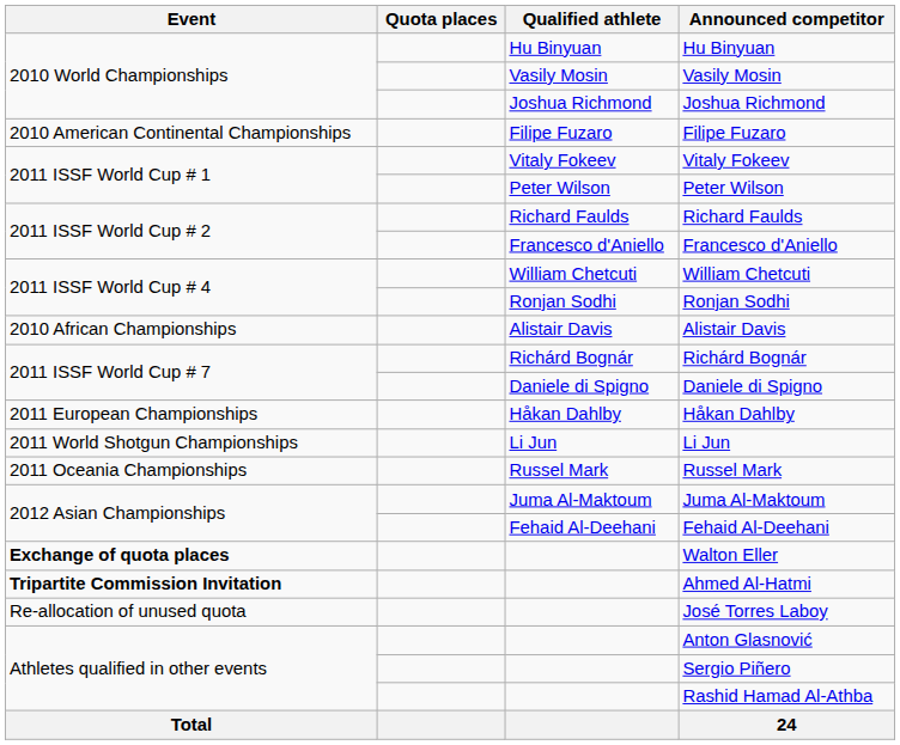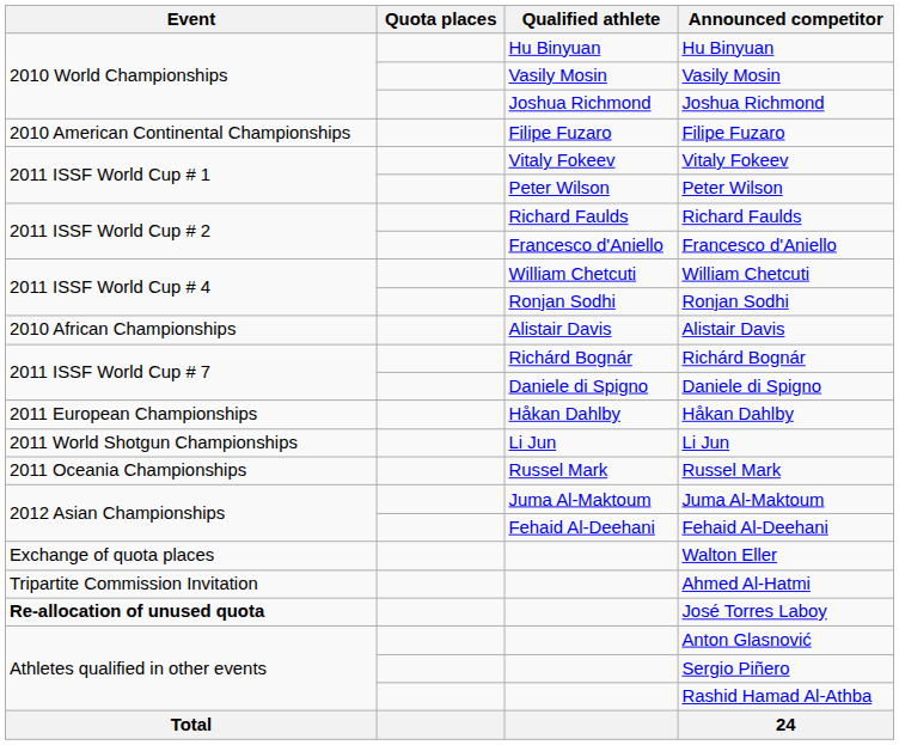 <table class=wikitable style="text-align:left" width=800>
 <tr>
 <th>Event</th>
 <th>Quota places</th>
 <th>Qualified athlete</th>
 <th>Announced competitor</th>
 </tr>
 <tr>
 <td rowspan="3">2010 World Championships</td>
 <td></td>
 <td><a href='#'>Hu Binyuan</a></td>
 <td><a href='#'>Hu Binyuan</a></td>
 </tr>
 <tr>
 <td></td>
 <td><a href='#'>Vasily Mosin</a></td>
 <td><a href='#'>Vasily Mosin</a></td>
 </tr>
 <tr>
 <td></td>
 <td><a href='#'>Joshua Richmond</a></td>
 <td><a href='#'>Joshua Richmond</a></td>
 </tr>
 <tr>
 <td rowspan="1">2010 American Continental Championships</td>
 <td></td>
 <td><a href='#'>Filipe Fuzaro</a></td>
 <td><a href='#'>Filipe Fuzaro</a></td>
 </tr>
 <tr>
 <td rowspan="2">2011 ISSF World Cup # 1</td>
 <td></td>
 <td><a href='#'>Vitaly Fokeev</a></td>
 <td><a href='#'>Vitaly Fokeev</a></td>
 </tr>
 <tr>
 <td></td>
 <td><a href='#'>Peter Wilson</a></td>
 <td><a href='#'>Peter Wilson</a></td>
 </tr>
 <tr>
 <td rowspan="2">2011 ISSF World Cup # 2</td>
 <td></td>
 <td><a href='#'>Richard Faulds</a></td>
 <td><a href='#'>Richard Faulds</a></td>
 </tr>
 <tr>
 <td></td>
 <td><a href='#'>Francesco d'Aniello</a></td>
 <td><a href='#'>Francesco d'Aniello</a></td>
 </tr>
 <tr>
 <td rowspan="2">2011 ISSF World Cup # 4</td>
 <td></td>
 <td><a href='#'>William Chetcuti</a></td>
 <td><a href='#'>William Chetcuti</a></td>
 </tr>
 <tr>
 <td></td>
 <td><a href='#'>Ronjan Sodhi</a></td>
 <td><a href='#'>Ronjan Sodhi</a></td>
 </tr>
 <tr>
 <td rowspan="1">2010 African Championships</td>
 <td></td>
 <td><a href='#'>Alistair Davis</a></td>
 <td><a href='#'>Alistair Davis</a></td>
 </tr>
 <tr>
 <td rowspan="2">2011 ISSF World Cup # 7</td>
 <td></td>
 <td><a href='#'>Richárd Bognár</a></td>
 <td><a href='#'>Richárd Bognár</a></td>
 </tr>
 <tr>
 <td></td>
 <td><a href='#'>Daniele di Spigno</a></td>
 <td><a href='#'>Daniele di Spigno</a></td>
 </tr>
 <tr>
 <td rowspan="1">2011 European Championships</td>
 <td></td>
 <td><a href='#'>Håkan Dahlby</a></td>
 <td><a href='#'>Håkan Dahlby</a></td>
 </tr>
 <tr>
 <td rowspan="1">2011 World Shotgun Championships</td>
 <td></td>
 <td><a href='#'>Li Jun</a></td>
 <td><a href='#'>Li Jun</a></td>
 </tr>
 <tr>
 <td rowspan="1">2011 Oceania Championships</td>
 <td></td>
 <td><a href='#'>Russel Mark</a></td>
 <td><a href='#'>Russel Mark</a></td>
 </tr>
 <tr>
 <td rowspan="2">2012 Asian Championships</td>
 <td></td>
 <td><a href='#'>Juma Al-Maktoum</a></td>
 <td><a href='#'>Juma Al-Maktoum</a></td>
 </tr>
 <tr>
 <td></td>
 <td><a href='#'>Fehaid Al-Deehani</a></td>
 <td><a href='#'>Fehaid Al-Deehani</a></td>
 </tr>
 <tr>
-<td rowspan="1"><strong>Exchange of quota places</strong></td>
+<td rowspan="1">Exchange of quota places</td>
 <td></td>
 <td></td>
 <td><a href='#'>Walton Eller</a></td>
 </tr>
 <tr>
-<td rowspan="1"><strong>Tripartite Commission Invitation</strong></td>
+<td rowspan="1">Tripartite Commission Invitation</td>
 <td></td>
 <td></td>
 <td><a href='#'>Ahmed Al-Hatmi</a></td>
 </tr>
 <tr>
-<td rowspan="1">Re-allocation of unused quota</td>
+<td rowspan="1"><strong>Re-allocation of unused quota</strong></td>
 <td></td>
 <td></td>
 <td><a href='#'>José Torres Laboy</a></td>
 </tr>
 <tr>
 <td rowspan="3">Athletes qualified in other events</td>
 <td></td>
 <td></td>
 <td><a href='#'>Anton Glasnović</a></td>
 </tr>
 <tr>
 <td></td>
 <td></td>
 <td><a href='#'>Sergio Piñero</a></td>
 </tr>
 <tr>
 <td></td>
 <td></td>
 <td><a href='#'>Rashid Hamad Al-Athba</a></td>
 </tr>
 <tr>
 <th>Total</th>
 <th></th>
 <th></th>
 <th>24</th>
 </tr>
 </table>
